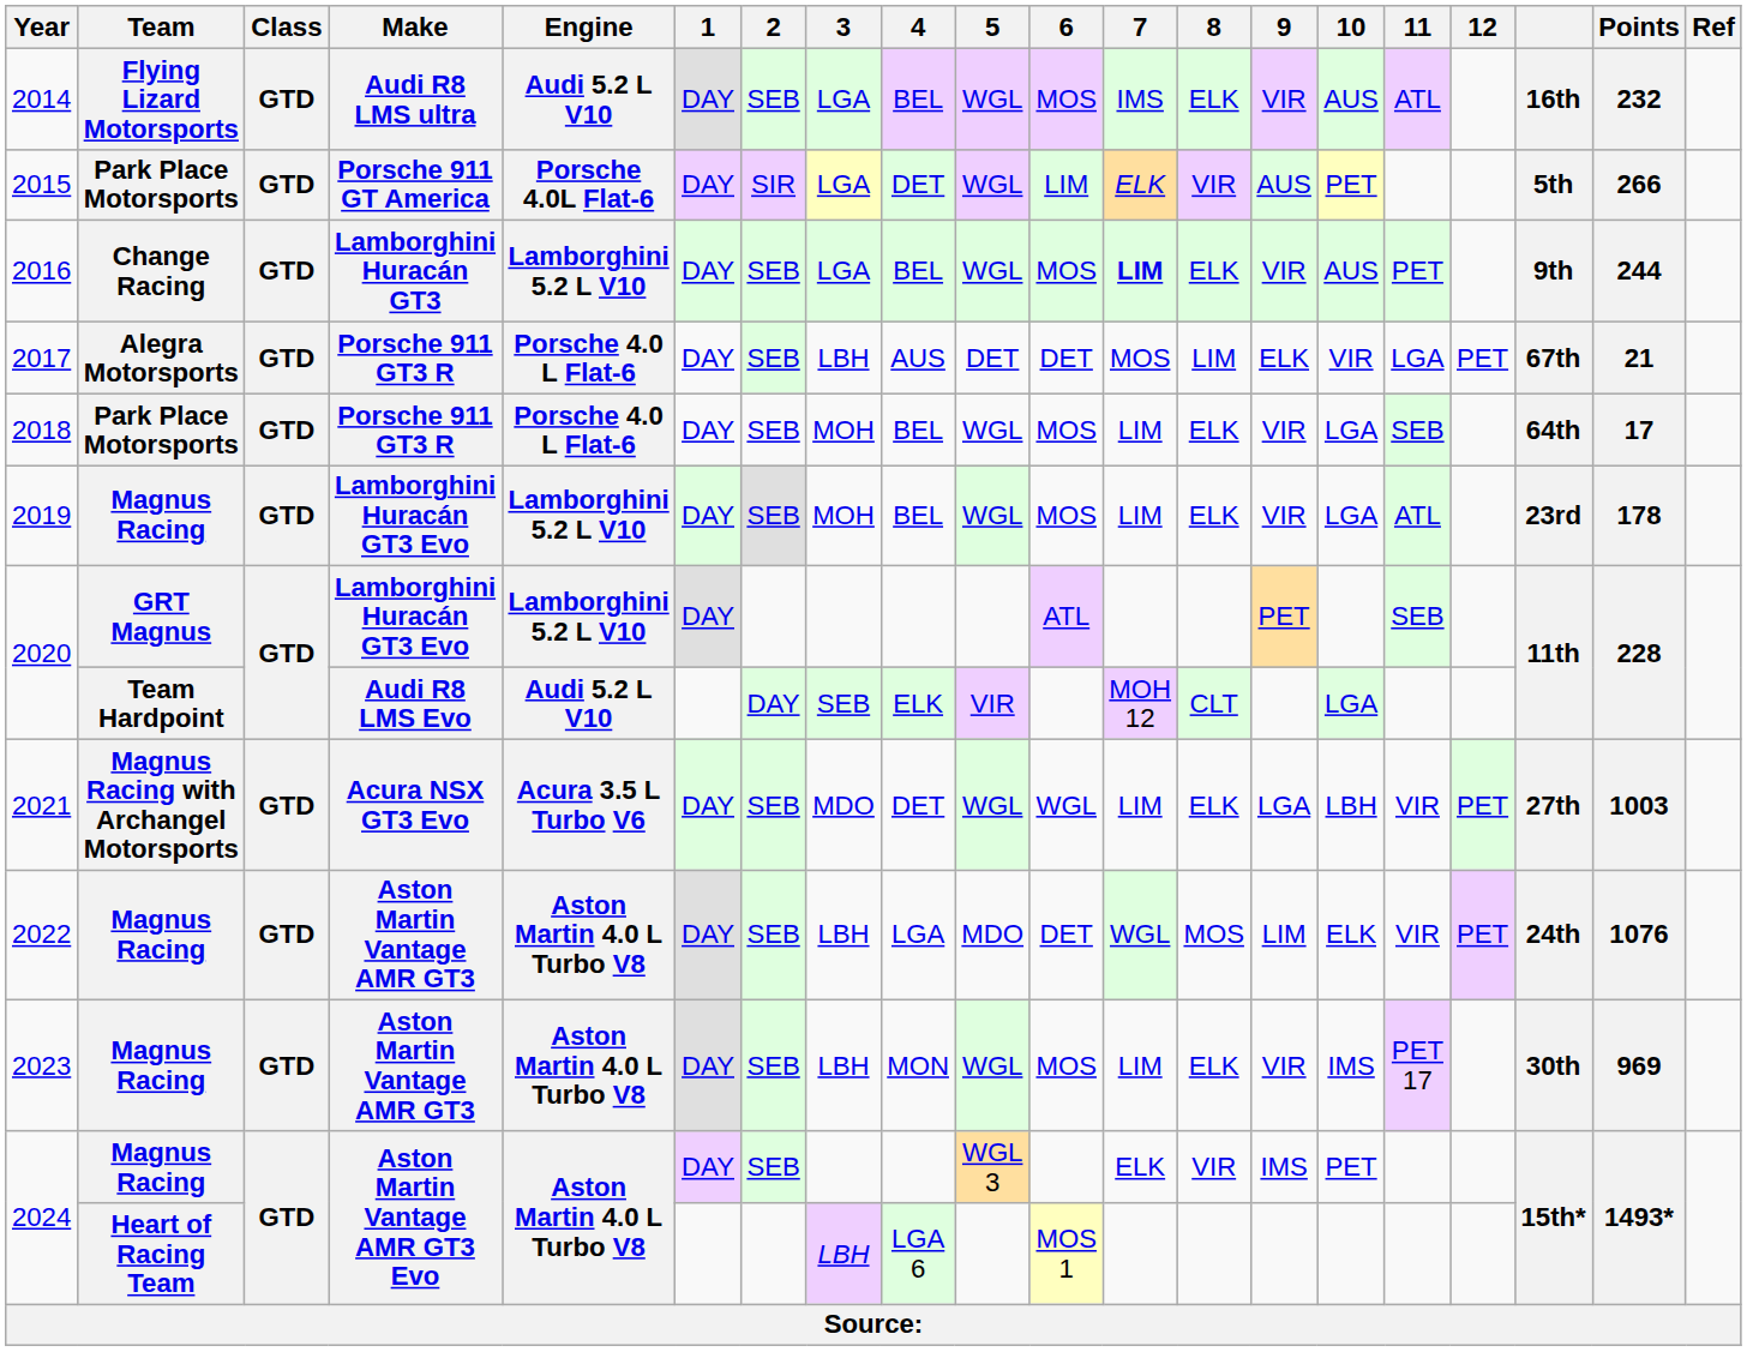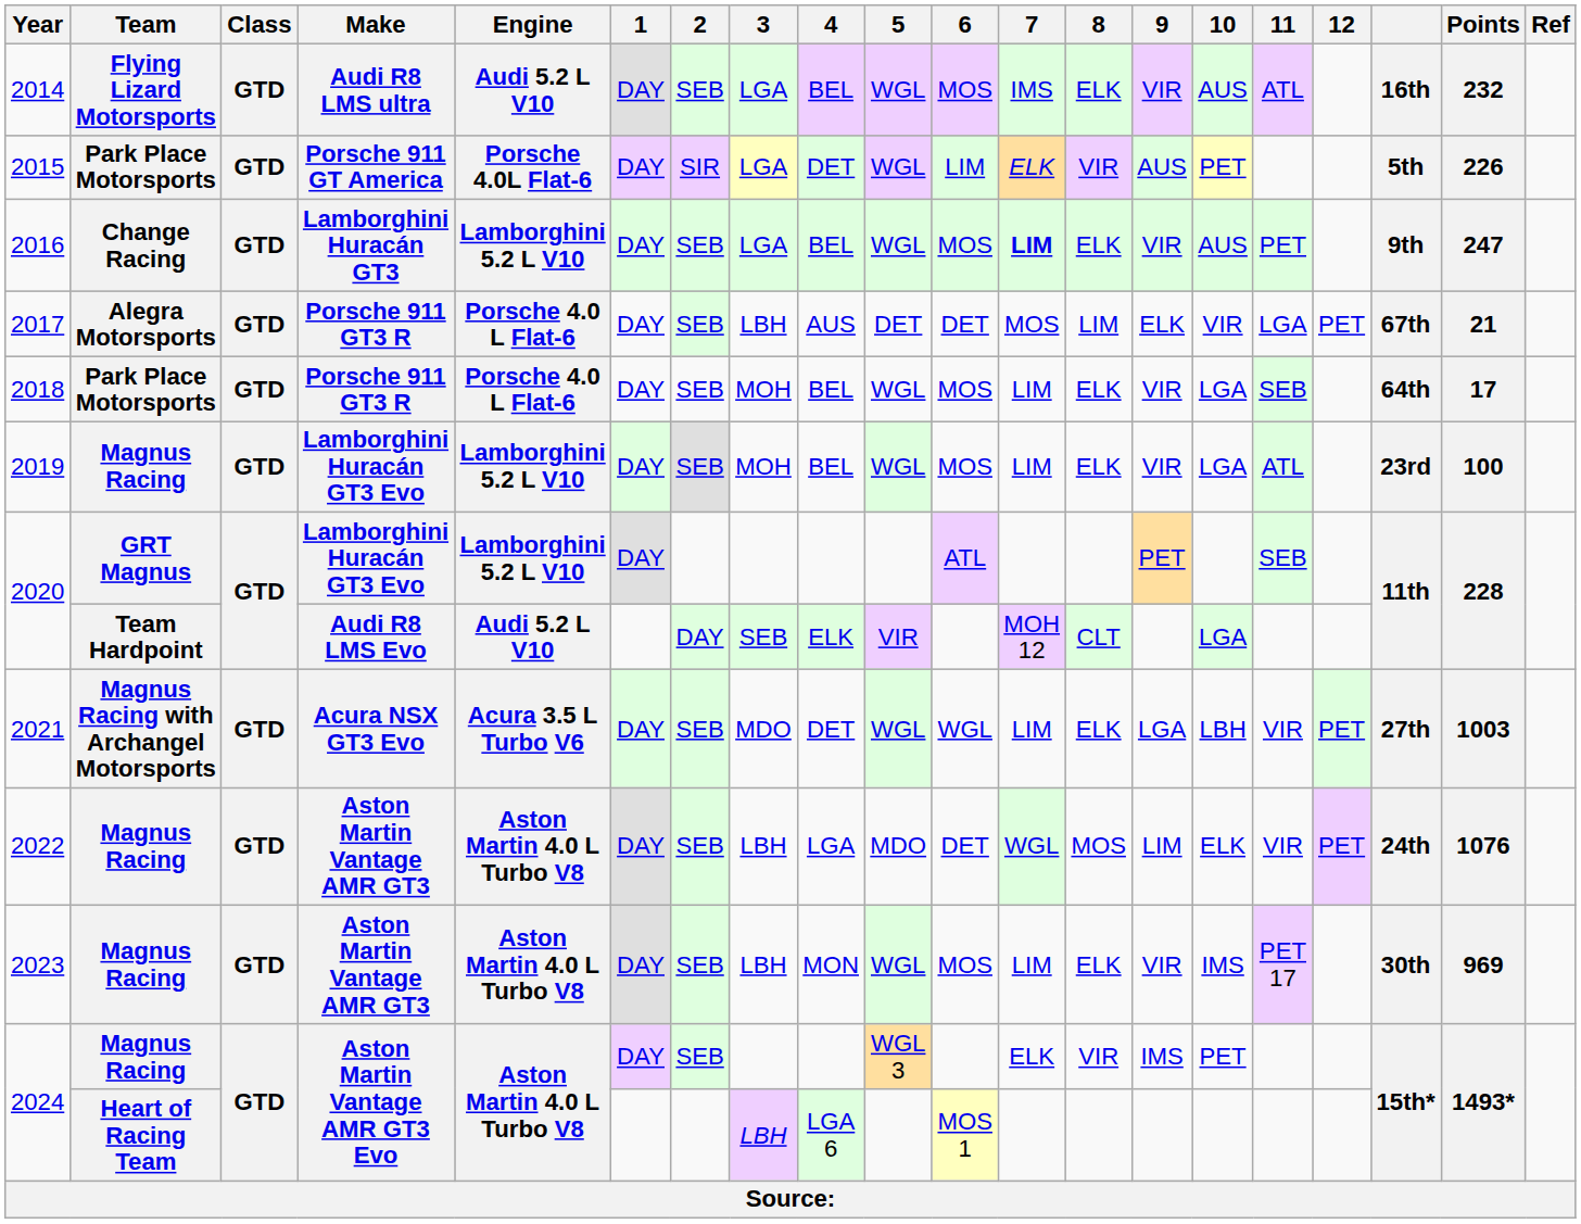 <table class="wikitable" style="text-align:center; font-size:90%">
 <tr>
 <th>Year</th>
 <th>Team</th>
 <th>Class</th>
 <th>Make</th>
 <th>Engine</th>
 <th>1</th>
 <th>2</th>
 <th>3</th>
 <th>4</th>
 <th>5</th>
 <th>6</th>
 <th>7</th>
 <th>8</th>
 <th>9</th>
 <th>10</th>
 <th>11</th>
 <th>12</th>
 <th></th>
 <th>Points</th>
 <th>Ref</th>
 </tr>
 <tr>
 <td><a href='#'>2014</a></td>
 <th><a href='#'>Flying Lizard Motorsports</a></th>
 <th>GTD</th>
 <th><a href='#'>Audi R8 LMS ultra</a></th>
 <th><a href='#'>Audi</a> 5.2 L <a href='#'>V10</a></th>
 <td style="background:#dfdfdf;"><a href='#'>DAY</a><br></td>
 <td style="background:#DFFFDF;"><a href='#'>SEB</a><br></td>
 <td style="background:#dfffdf;"><a href='#'>LGA</a><br></td>
 <td style="background:#efcfff;"><a href='#'>BEL</a><br></td>
 <td style="background:#efcfff;"><a href='#'>WGL</a><br></td>
 <td style="background:#efcfff;"><a href='#'>MOS</a><br></td>
 <td style="background:#dfffdf;"><a href='#'>IMS</a><br></td>
 <td style="background:#dfffdf;"><a href='#'>ELK</a><br></td>
 <td style="background:#efcfff;"><a href='#'>VIR</a><br></td>
 <td style="background:#dfffdf;"><a href='#'>AUS</a><br></td>
 <td style="background:#efcfff;"><a href='#'>ATL</a><br></td>
 <td></td>
 <th>16th</th>
 <th>232</th>
 <td></td>
 </tr>
 <tr>
 <td><a href='#'>2015</a></td>
 <th>Park Place Motorsports</th>
 <th>GTD</th>
 <th><a href='#'>Porsche 911 GT America</a></th>
 <th><a href='#'>Porsche</a> 4.0L <a href='#'>Flat-6</a></th>
 <td style="background:#efcfff;"><a href='#'>DAY</a><br></td>
 <td style="background:#efcfff;"><a href='#'>SIR</a><br></td>
 <td style="background:#ffffbf;"><a href='#'>LGA</a><br></td>
 <td style="background:#dfffdf;"><a href='#'>DET</a><br></td>
 <td style="background:#efcfff;"><a href='#'>WGL</a><br></td>
 <td style="background:#dfffdf;"><a href='#'>LIM</a><br></td>
 <td style="background:#ffdf9f;"><em><a href='#'>ELK</a><br></em></td>
 <td style="background:#efcfff;"><a href='#'>VIR</a><br></td>
 <td style="background:#dfffdf;"><a href='#'>AUS</a><br></td>
 <td style="background:#ffffbf;"><a href='#'>PET</a><br></td>
 <td></td>
 <td></td>
 <th>5th</th>
-<th>266</th>
+<th>226</th>
 <td></td>
 </tr>
 <tr>
 <td><a href='#'>2016</a></td>
 <th>Change Racing</th>
 <th>GTD</th>
 <th><a href='#'>Lamborghini Huracán GT3</a></th>
 <th><a href='#'>Lamborghini</a> 5.2 L <a href='#'>V10</a></th>
 <td style="background:#DFFFDF;"><a href='#'>DAY</a><br></td>
 <td style="background:#DFFFDF;"><a href='#'>SEB</a><br></td>
 <td style="background:#DFFFDF;"><a href='#'>LGA</a><br></td>
 <td style="background:#DFFFDF;"><a href='#'>BEL</a><br></td>
 <td style="background:#DFFFDF;"><a href='#'>WGL</a><br></td>
 <td style="background:#DFFFDF;"><a href='#'>MOS</a><br></td>
 <td style="background:#DFFFDF;"><strong><a href='#'>LIM</a></strong><br></td>
 <td style="background:#DFFFDF;"><a href='#'>ELK</a><br></td>
 <td style="background:#DFFFDF;"><a href='#'>VIR</a><br></td>
 <td style="background:#DFFFDF;"><a href='#'>AUS</a><br></td>
 <td style="background:#DFFFDF;"><a href='#'>PET</a><br></td>
 <td></td>
 <th>9th</th>
-<th>244</th>
+<th>247</th>
 <td></td>
 </tr>
 <tr>
 <td><a href='#'>2017</a></td>
 <th>Alegra Motorsports</th>
 <th>GTD</th>
 <th><a href='#'>Porsche 911 GT3 R</a></th>
 <th><a href='#'>Porsche</a> 4.0 L <a href='#'>Flat-6</a></th>
 <td><a href='#'>DAY</a></td>
 <td style="background:#DFFFDF;"><a href='#'>SEB</a><br></td>
 <td><a href='#'>LBH</a></td>
 <td><a href='#'>AUS</a></td>
 <td><a href='#'>DET</a></td>
 <td><a href='#'>DET</a></td>
 <td><a href='#'>MOS</a></td>
 <td><a href='#'>LIM</a></td>
 <td><a href='#'>ELK</a></td>
 <td><a href='#'>VIR</a></td>
 <td><a href='#'>LGA</a></td>
 <td><a href='#'>PET</a></td>
 <th>67th</th>
 <th>21</th>
 <td></td>
 </tr>
 <tr>
 <td><a href='#'>2018</a></td>
 <th>Park Place Motorsports</th>
 <th>GTD</th>
 <th><a href='#'>Porsche 911 GT3 R</a></th>
 <th><a href='#'>Porsche</a> 4.0 L <a href='#'>Flat-6</a></th>
 <td><a href='#'>DAY</a><br></td>
 <td><a href='#'>SEB</a><br></td>
 <td><a href='#'>MOH</a></td>
 <td><a href='#'>BEL</a></td>
 <td><a href='#'>WGL</a><br></td>
 <td><a href='#'>MOS</a></td>
 <td><a href='#'>LIM</a></td>
 <td><a href='#'>ELK</a><br></td>
 <td><a href='#'>VIR</a></td>
 <td><a href='#'>LGA</a><br></td>
 <td style="background:#dfffdf;"><a href='#'>SEB</a><br></td>
 <td></td>
 <th>64th</th>
 <th>17</th>
 <td></td>
 </tr>
 <tr>
 <td><a href='#'>2019</a></td>
 <th><a href='#'>Magnus Racing</a></th>
 <th>GTD</th>
 <th><a href='#'>Lamborghini Huracán GT3 Evo</a></th>
 <th><a href='#'>Lamborghini</a> 5.2 L <a href='#'>V10</a></th>
 <td style="background:#dfffdf;"><a href='#'>DAY</a><br></td>
 <td style="background:#dfdfdf;"><a href='#'>SEB</a><br></td>
 <td><a href='#'>MOH</a><br></td>
 <td><a href='#'>BEL</a><br></td>
 <td style="background:#dfffdf;"><a href='#'>WGL</a><br></td>
 <td><a href='#'>MOS</a><br></td>
 <td><a href='#'>LIM</a><br></td>
 <td><a href='#'>ELK</a><br></td>
 <td><a href='#'>VIR</a><br></td>
 <td><a href='#'>LGA</a><br></td>
 <td style="background:#dfffdf;"><a href='#'>ATL</a><br></td>
 <td></td>
 <th style="background:#;">23rd</th>
-<th style="background:#;">178</th>
+<th style="background:#;">100</th>
 <td></td>
 </tr>
 <tr>
 <td rowspan=2><a href='#'>2020</a></td>
 <th><a href='#'>GRT Magnus</a></th>
 <th rowspan=2>GTD</th>
 <th><a href='#'>Lamborghini Huracán GT3 Evo</a></th>
 <th><a href='#'>Lamborghini</a> 5.2 L <a href='#'>V10</a></th>
 <td style="background:#dfdfdf;"><a href='#'>DAY</a><br></td>
 <td></td>
 <td></td>
 <td></td>
 <td></td>
 <td style="background:#efcfff;"><a href='#'>ATL</a><br></td>
 <td></td>
 <td></td>
 <td style="background:#ffdf9f;"><a href='#'>PET</a><br></td>
 <td></td>
 <td style="background:#dfffdf;"><a href='#'>SEB</a><br></td>
 <td></td>
 <th rowspan=2>11th</th>
 <th rowspan=2>228</th>
 <td rowspan="2"></td>
 </tr>
 <tr>
 <th>Team Hardpoint</th>
 <th><a href='#'>Audi R8 LMS Evo</a></th>
 <th><a href='#'>Audi</a> 5.2 L <a href='#'>V10</a></th>
 <td></td>
 <td style="background:#dfffdf;"><a href='#'>DAY</a><br></td>
 <td style="background:#dfffdf;"><a href='#'>SEB</a><br></td>
 <td style="background:#dfffdf;"><a href='#'>ELK</a><br></td>
 <td style="background:#efcfff;"><a href='#'>VIR</a><br></td>
 <td></td>
 <td style="background:#efcfff;"><a href='#'>MOH</a><br>12</td>
 <td style="background:#dfffdf;"><a href='#'>CLT</a><br></td>
 <td></td>
 <td style="background:#dfffdf;"><a href='#'>LGA</a><br></td>
 <td></td>
 <td></td>
 </tr>
 <tr>
 <td><a href='#'>2021</a></td>
 <th><a href='#'>Magnus Racing</a> with Archangel Motorsports</th>
 <th>GTD</th>
 <th><a href='#'>Acura NSX GT3 Evo</a></th>
 <th><a href='#'>Acura</a> 3.5 L <a href='#'>Turbo</a> <a href='#'>V6</a></th>
 <td style="background:#DFFFDF;"><a href='#'>DAY</a><br></td>
 <td style="background:#dfffdf;"><a href='#'>SEB</a><br></td>
 <td><a href='#'>MDO</a><br></td>
 <td><a href='#'>DET</a></td>
 <td style="background:#dfffdf;"><a href='#'>WGL</a><br></td>
 <td><a href='#'>WGL</a></td>
 <td><a href='#'>LIM</a><br></td>
 <td><a href='#'>ELK</a><br></td>
 <td><a href='#'>LGA</a><br></td>
 <td><a href='#'>LBH</a><br></td>
 <td><a href='#'>VIR</a></td>
 <td style="background:#dfffdf;"><a href='#'>PET</a><br></td>
 <th style="background:#;">27th</th>
 <th style="background:#;">1003</th>
 <td></td>
 </tr>
 <tr>
 <td><a href='#'>2022</a></td>
 <th><a href='#'>Magnus Racing</a></th>
 <th>GTD</th>
 <th><a href='#'>Aston Martin Vantage AMR GT3</a></th>
 <th><a href='#'>Aston Martin</a> 4.0 L Turbo <a href='#'>V8</a></th>
 <td style="background:#DFDFDF;"><a href='#'>DAY</a><br></td>
 <td style="background:#DFFFDF;"><a href='#'>SEB</a><br></td>
 <td><a href='#'>LBH</a></td>
 <td><a href='#'>LGA</a></td>
 <td><a href='#'>MDO</a></td>
 <td><a href='#'>DET</a></td>
 <td style="background:#DFFFDF;"><a href='#'>WGL</a><br></td>
 <td style="background:"><a href='#'>MOS</a><br></td>
 <td style="background:"><a href='#'>LIM</a><br></td>
 <td style="background:"><a href='#'>ELK</a><br></td>
 <td><a href='#'>VIR</a><br></td>
 <td style="background:#efcfff;"><a href='#'>PET</a><br></td>
 <th>24th</th>
 <th>1076</th>
 <td></td>
 </tr>
 <tr>
 <td><a href='#'>2023</a></td>
 <th><a href='#'>Magnus Racing</a></th>
 <th>GTD</th>
 <th><a href='#'>Aston Martin Vantage AMR GT3</a></th>
 <th><a href='#'>Aston Martin</a> 4.0 L Turbo <a href='#'>V8</a></th>
 <td style="background:#DFDFDF;"><a href='#'>DAY</a><br></td>
 <td style="background:#DFFFDF;"><a href='#'>SEB</a><br></td>
 <td><a href='#'>LBH</a><br></td>
 <td><a href='#'>MON</a><br></td>
 <td style="background:#DFFFDF;"><a href='#'>WGL</a><br></td>
 <td><a href='#'>MOS</a><br></td>
 <td><a href='#'>LIM</a><br></td>
 <td><a href='#'>ELK</a><br></td>
 <td><a href='#'>VIR</a><br></td>
 <td><a href='#'>IMS</a></td>
 <td style="background:#efcfff;"><a href='#'>PET</a><br>17</td>
 <td></td>
 <th>30th</th>
 <th>969</th>
 <td></td>
 </tr>
 <tr>
 <td rowspan=2><a href='#'>2024</a></td>
 <th><a href='#'>Magnus Racing</a></th>
 <th rowspan=2>GTD</th>
 <th rowspan=2><a href='#'>Aston Martin Vantage AMR GT3 Evo</a></th>
 <th rowspan=2><a href='#'>Aston Martin</a> 4.0 L Turbo <a href='#'>V8</a></th>
 <td style="background:#efcfff;"><a href='#'>DAY</a><br></td>
 <td style="background:#dfffdf;"><a href='#'>SEB</a><br></td>
 <td></td>
 <td></td>
 <td style="background:#FFDF9F;”"><a href='#'>WGL</a><br>3</td>
 <td></td>
 <td><a href='#'>ELK</a><br></td>
 <td><a href='#'>VIR</a><br></td>
 <td><a href='#'>IMS</a><br></td>
 <td><a href='#'>PET</a><br></td>
 <td></td>
 <td></td>
 <th rowspan=2>15th*</th>
 <th rowspan=2>1493*</th>
 <td rowspan="2"></td>
 </tr>
 <tr>
 <th><a href='#'>Heart of Racing Team</a></th>
 <td></td>
 <td></td>
 <td style="background:#efcfff;"><em><a href='#'>LBH</a></em><br></td>
 <td style="background:#dfffdf;"><a href='#'>LGA</a><br>6</td>
 <td></td>
 <td style="background:#FFFFBF;”"><a href='#'>MOS</a><br>1</td>
 <td></td>
 <td></td>
 <td></td>
 <td></td>
 <td></td>
 <td></td>
 </tr>
 <tr>
 <th colspan="20">Source:</th>
 </tr>
 </table>
